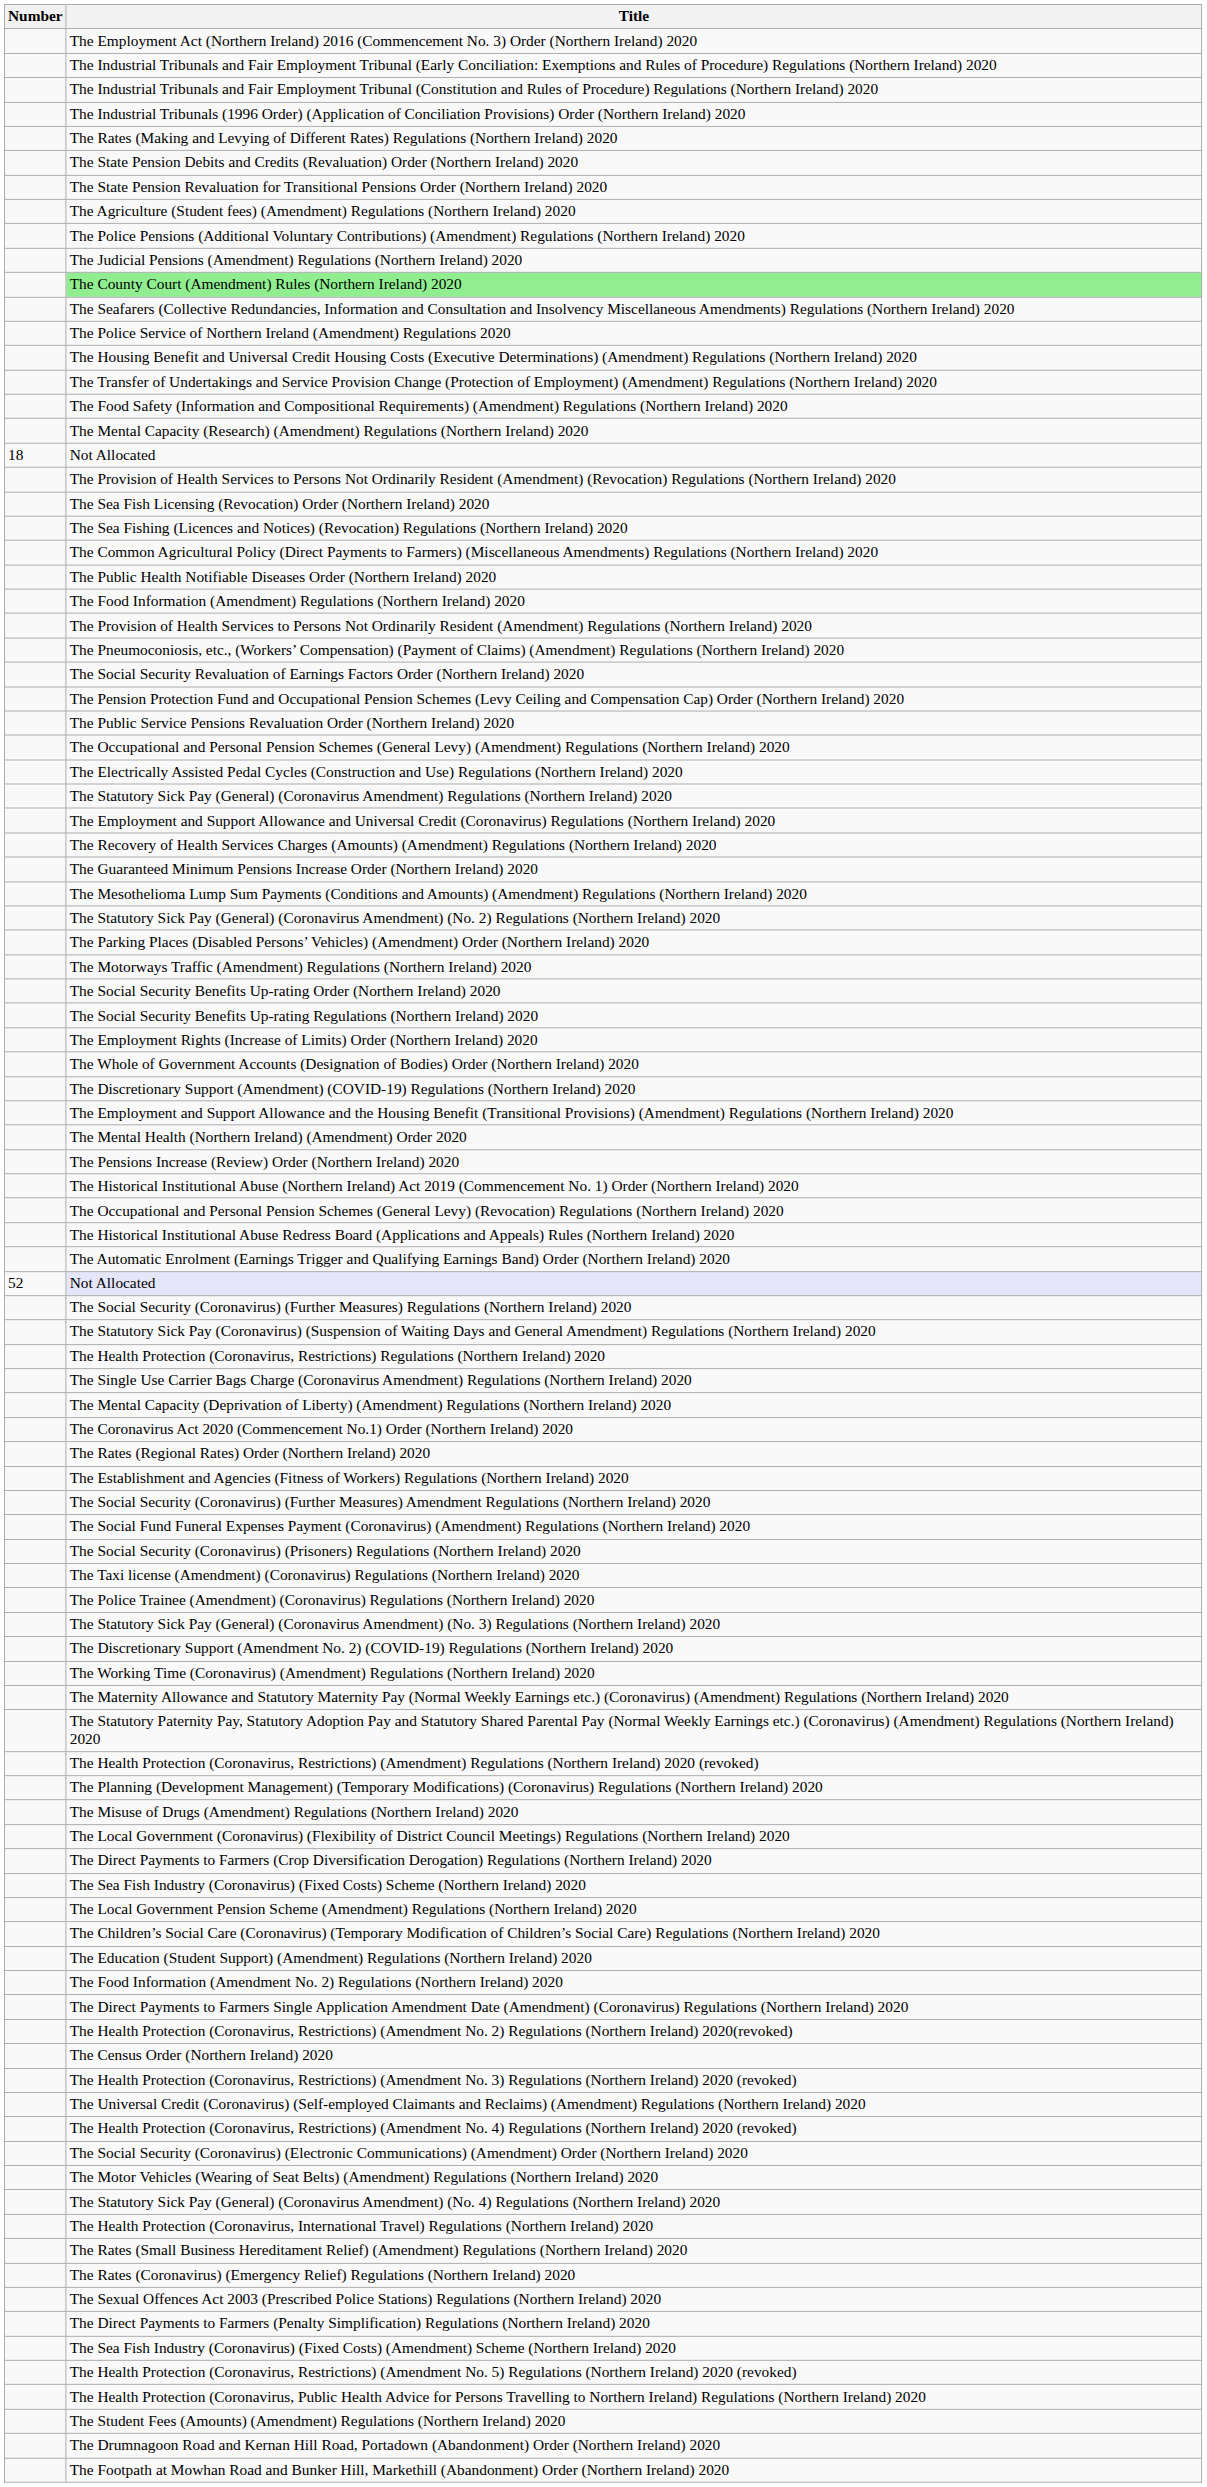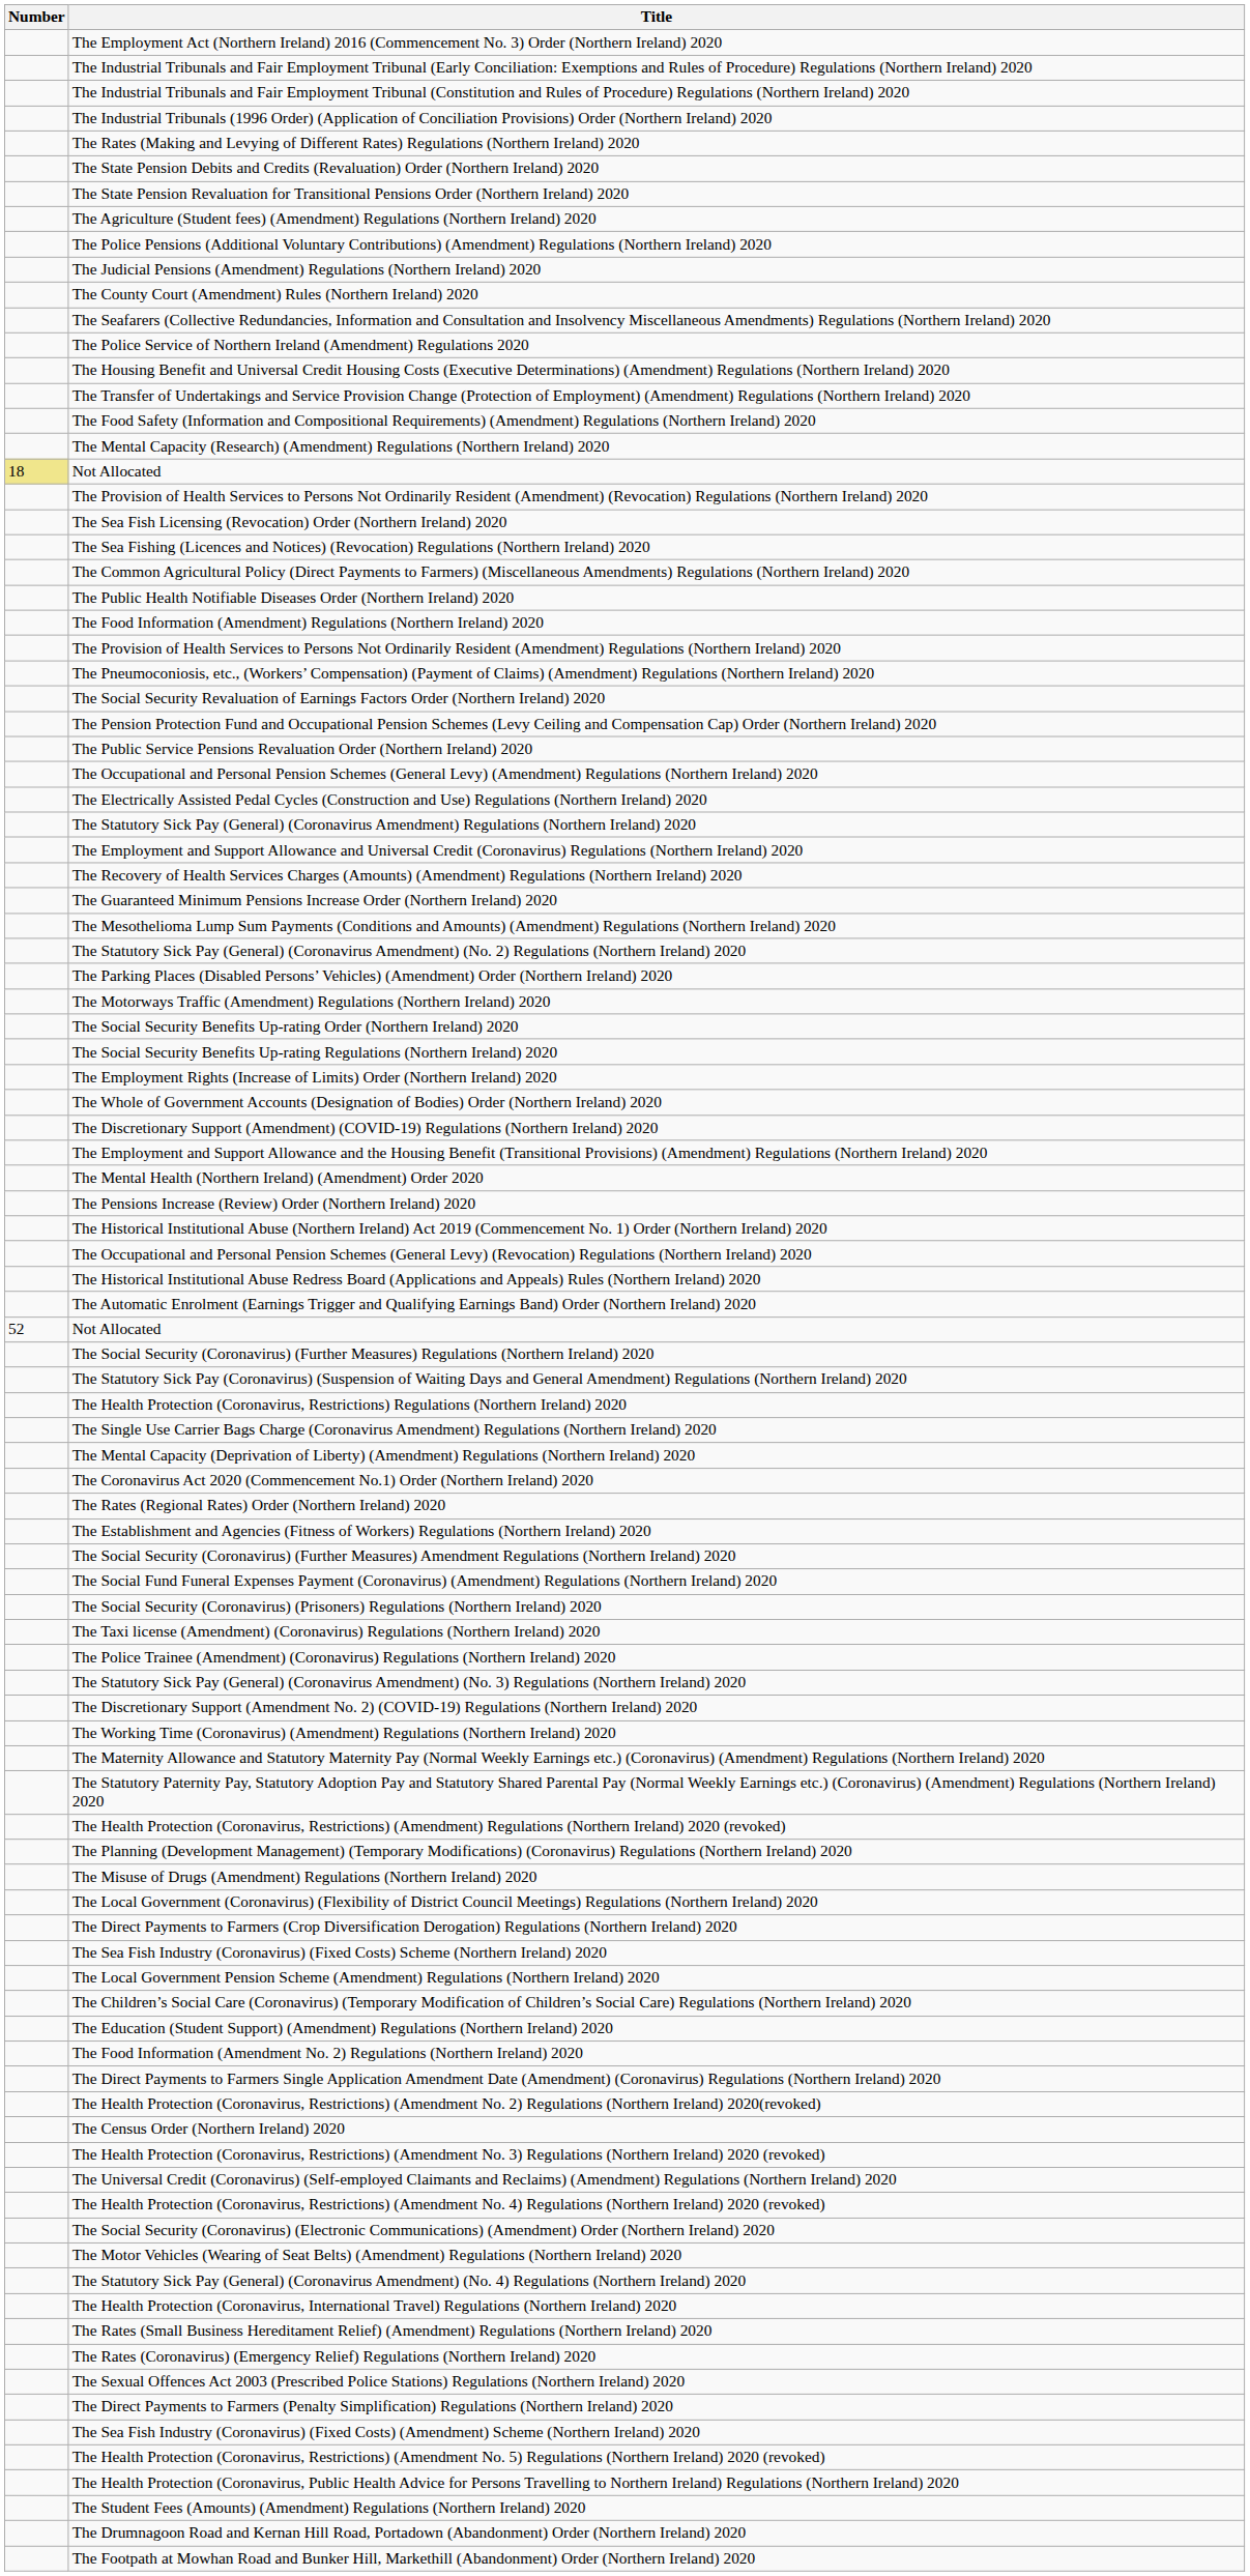 <table class="wikitable collapsible">
 <tr>
 <th>Number</th>
 <th>Title</th>
 </tr>
 <tr>
 <td></td>
 <td>The Employment Act (Northern Ireland) 2016 (Commencement No. 3) Order (Northern Ireland) 2020</td>
 </tr>
 <tr>
 <td></td>
 <td>The Industrial Tribunals and Fair Employment Tribunal (Early Conciliation: Exemptions and Rules of Procedure) Regulations (Northern Ireland) 2020</td>
 </tr>
 <tr>
 <td></td>
 <td>The Industrial Tribunals and Fair Employment Tribunal (Constitution and Rules of Procedure) Regulations (Northern Ireland) 2020</td>
 </tr>
 <tr>
 <td></td>
 <td>The Industrial Tribunals (1996 Order) (Application of Conciliation Provisions) Order (Northern Ireland) 2020</td>
 </tr>
 <tr>
 <td></td>
 <td>The Rates (Making and Levying of Different Rates) Regulations (Northern Ireland) 2020</td>
 </tr>
 <tr>
 <td></td>
 <td>The State Pension Debits and Credits (Revaluation) Order (Northern Ireland) 2020</td>
 </tr>
 <tr>
 <td></td>
 <td>The State Pension Revaluation for Transitional Pensions Order (Northern Ireland) 2020</td>
 </tr>
 <tr>
 <td></td>
 <td>The Agriculture (Student fees) (Amendment) Regulations (Northern Ireland) 2020</td>
 </tr>
 <tr>
 <td></td>
 <td>The Police Pensions (Additional Voluntary Contributions) (Amendment) Regulations (Northern Ireland) 2020</td>
 </tr>
 <tr>
 <td></td>
 <td>The Judicial Pensions (Amendment) Regulations (Northern Ireland) 2020</td>
 </tr>
 <tr>
 <td></td>
-<td style="background: lightgreen;">The County Court (Amendment) Rules (Northern Ireland) 2020</td>
+<td>The County Court (Amendment) Rules (Northern Ireland) 2020</td>
 </tr>
 <tr>
 <td></td>
 <td>The Seafarers (Collective Redundancies, Information and Consultation and Insolvency Miscellaneous Amendments) Regulations (Northern Ireland) 2020</td>
 </tr>
 <tr>
 <td></td>
 <td>The Police Service of Northern Ireland (Amendment) Regulations 2020</td>
 </tr>
 <tr>
 <td></td>
 <td>The Housing Benefit and Universal Credit Housing Costs (Executive Determinations) (Amendment) Regulations (Northern Ireland) 2020</td>
 </tr>
 <tr>
 <td></td>
 <td>The Transfer of Undertakings and Service Provision Change (Protection of Employment) (Amendment) Regulations (Northern Ireland) 2020</td>
 </tr>
 <tr>
 <td></td>
 <td>The Food Safety (Information and Compositional Requirements) (Amendment) Regulations (Northern Ireland) 2020</td>
 </tr>
 <tr>
 <td></td>
 <td>The Mental Capacity (Research) (Amendment) Regulations (Northern Ireland) 2020</td>
 </tr>
 <tr>
-<td>18</td>
+<td style="background: khaki;">18</td>
 <td>Not Allocated</td>
 </tr>
 <tr>
 <td></td>
 <td>The Provision of Health Services to Persons Not Ordinarily Resident (Amendment) (Revocation) Regulations (Northern Ireland) 2020</td>
 </tr>
 <tr>
 <td></td>
 <td>The Sea Fish Licensing (Revocation) Order (Northern Ireland) 2020</td>
 </tr>
 <tr>
 <td></td>
 <td>The Sea Fishing (Licences and Notices) (Revocation) Regulations (Northern Ireland) 2020</td>
 </tr>
 <tr>
 <td></td>
 <td>The Common Agricultural Policy (Direct Payments to Farmers) (Miscellaneous Amendments) Regulations (Northern Ireland) 2020</td>
 </tr>
 <tr>
 <td></td>
 <td>The Public Health Notifiable Diseases Order (Northern Ireland) 2020</td>
 </tr>
 <tr>
 <td></td>
 <td>The Food Information (Amendment) Regulations (Northern Ireland) 2020</td>
 </tr>
 <tr>
 <td></td>
 <td>The Provision of Health Services to Persons Not Ordinarily Resident (Amendment) Regulations (Northern Ireland) 2020</td>
 </tr>
 <tr>
 <td></td>
 <td>The Pneumoconiosis, etc., (Workers’ Compensation) (Payment of Claims) (Amendment) Regulations (Northern Ireland) 2020</td>
 </tr>
 <tr>
 <td></td>
 <td>The Social Security Revaluation of Earnings Factors Order (Northern Ireland) 2020</td>
 </tr>
 <tr>
 <td></td>
 <td>The Pension Protection Fund and Occupational Pension Schemes (Levy Ceiling and Compensation Cap) Order (Northern Ireland) 2020</td>
 </tr>
 <tr>
 <td></td>
 <td>The Public Service Pensions Revaluation Order (Northern Ireland) 2020</td>
 </tr>
 <tr>
 <td></td>
 <td>The Occupational and Personal Pension Schemes (General Levy) (Amendment) Regulations (Northern Ireland) 2020</td>
 </tr>
 <tr>
 <td></td>
 <td>The Electrically Assisted Pedal Cycles (Construction and Use) Regulations (Northern Ireland) 2020</td>
 </tr>
 <tr>
 <td></td>
 <td>The Statutory Sick Pay (General) (Coronavirus Amendment) Regulations (Northern Ireland) 2020</td>
 </tr>
 <tr>
 <td></td>
 <td>The Employment and Support Allowance and Universal Credit (Coronavirus) Regulations (Northern Ireland) 2020</td>
 </tr>
 <tr>
 <td></td>
 <td>The Recovery of Health Services Charges (Amounts) (Amendment) Regulations (Northern Ireland) 2020</td>
 </tr>
 <tr>
 <td></td>
 <td>The Guaranteed Minimum Pensions Increase Order (Northern Ireland) 2020</td>
 </tr>
 <tr>
 <td></td>
 <td>The Mesothelioma Lump Sum Payments (Conditions and Amounts) (Amendment) Regulations (Northern Ireland) 2020</td>
 </tr>
 <tr>
 <td></td>
 <td>The Statutory Sick Pay (General) (Coronavirus Amendment) (No. 2) Regulations (Northern Ireland) 2020</td>
 </tr>
 <tr>
 <td></td>
 <td>The Parking Places (Disabled Persons’ Vehicles) (Amendment) Order (Northern Ireland) 2020</td>
 </tr>
 <tr>
 <td></td>
 <td>The Motorways Traffic (Amendment) Regulations (Northern Ireland) 2020</td>
 </tr>
 <tr>
 <td></td>
 <td>The Social Security Benefits Up-rating Order (Northern Ireland) 2020</td>
 </tr>
 <tr>
 <td></td>
 <td>The Social Security Benefits Up-rating Regulations (Northern Ireland) 2020</td>
 </tr>
 <tr>
 <td></td>
 <td>The Employment Rights (Increase of Limits) Order (Northern Ireland) 2020</td>
 </tr>
 <tr>
 <td></td>
 <td>The Whole of Government Accounts (Designation of Bodies) Order (Northern Ireland) 2020</td>
 </tr>
 <tr>
 <td></td>
 <td>The Discretionary Support (Amendment) (COVID-19) Regulations (Northern Ireland) 2020</td>
 </tr>
 <tr>
 <td></td>
 <td>The Employment and Support Allowance and the Housing Benefit (Transitional Provisions) (Amendment) Regulations (Northern Ireland) 2020</td>
 </tr>
 <tr>
 <td></td>
 <td>The Mental Health (Northern Ireland) (Amendment) Order 2020</td>
 </tr>
 <tr>
 <td></td>
 <td>The Pensions Increase (Review) Order (Northern Ireland) 2020</td>
 </tr>
 <tr>
 <td></td>
 <td>The Historical Institutional Abuse (Northern Ireland) Act 2019 (Commencement No. 1) Order (Northern Ireland) 2020</td>
 </tr>
 <tr>
 <td></td>
 <td>The Occupational and Personal Pension Schemes (General Levy) (Revocation) Regulations (Northern Ireland) 2020</td>
 </tr>
 <tr>
 <td></td>
 <td>The Historical Institutional Abuse Redress Board (Applications and Appeals) Rules (Northern Ireland) 2020</td>
 </tr>
 <tr>
 <td></td>
 <td>The Automatic Enrolment (Earnings Trigger and Qualifying Earnings Band) Order (Northern Ireland) 2020</td>
 </tr>
 <tr>
 <td>52</td>
-<td style="background: lavender;">Not Allocated</td>
+<td>Not Allocated</td>
 </tr>
 <tr>
 <td></td>
 <td>The Social Security (Coronavirus) (Further Measures) Regulations (Northern Ireland) 2020</td>
 </tr>
 <tr>
 <td></td>
 <td>The Statutory Sick Pay (Coronavirus) (Suspension of Waiting Days and General Amendment) Regulations (Northern Ireland) 2020</td>
 </tr>
 <tr>
 <td></td>
 <td>The Health Protection (Coronavirus, Restrictions) Regulations (Northern Ireland) 2020</td>
 </tr>
 <tr>
 <td></td>
 <td>The Single Use Carrier Bags Charge (Coronavirus Amendment) Regulations (Northern Ireland) 2020</td>
 </tr>
 <tr>
 <td></td>
 <td>The Mental Capacity (Deprivation of Liberty) (Amendment) Regulations (Northern Ireland) 2020</td>
 </tr>
 <tr>
 <td></td>
 <td>The Coronavirus Act 2020 (Commencement No.1) Order (Northern Ireland) 2020</td>
 </tr>
 <tr>
 <td></td>
 <td>The Rates (Regional Rates) Order (Northern Ireland) 2020</td>
 </tr>
 <tr>
 <td></td>
 <td>The Establishment and Agencies (Fitness of Workers) Regulations (Northern Ireland) 2020</td>
 </tr>
 <tr>
 <td></td>
 <td>The Social Security (Coronavirus) (Further Measures) Amendment Regulations (Northern Ireland) 2020</td>
 </tr>
 <tr>
 <td></td>
 <td>The Social Fund Funeral Expenses Payment (Coronavirus) (Amendment) Regulations (Northern Ireland) 2020</td>
 </tr>
 <tr>
 <td></td>
 <td>The Social Security (Coronavirus) (Prisoners) Regulations (Northern Ireland) 2020</td>
 </tr>
 <tr>
 <td></td>
 <td>The Taxi license (Amendment) (Coronavirus) Regulations (Northern Ireland) 2020</td>
 </tr>
 <tr>
 <td></td>
 <td>The Police Trainee (Amendment) (Coronavirus) Regulations (Northern Ireland) 2020</td>
 </tr>
 <tr>
 <td></td>
 <td>The Statutory Sick Pay (General) (Coronavirus Amendment) (No. 3) Regulations (Northern Ireland) 2020</td>
 </tr>
 <tr>
 <td></td>
 <td>The Discretionary Support (Amendment No. 2) (COVID-19) Regulations (Northern Ireland) 2020</td>
 </tr>
 <tr>
 <td></td>
 <td>The Working Time (Coronavirus) (Amendment) Regulations (Northern Ireland) 2020</td>
 </tr>
 <tr>
 <td></td>
 <td>The Maternity Allowance and Statutory Maternity Pay (Normal Weekly Earnings etc.) (Coronavirus) (Amendment) Regulations (Northern Ireland) 2020</td>
 </tr>
 <tr>
 <td></td>
 <td>The Statutory Paternity Pay, Statutory Adoption Pay and Statutory Shared Parental Pay (Normal Weekly Earnings etc.) (Coronavirus) (Amendment) Regulations (Northern Ireland) 2020</td>
 </tr>
 <tr>
 <td></td>
 <td>The Health Protection (Coronavirus, Restrictions) (Amendment) Regulations (Northern Ireland) 2020 (revoked)</td>
 </tr>
 <tr>
 <td></td>
 <td>The Planning (Development Management) (Temporary Modifications) (Coronavirus) Regulations (Northern Ireland) 2020</td>
 </tr>
 <tr>
 <td></td>
 <td>The Misuse of Drugs (Amendment) Regulations (Northern Ireland) 2020</td>
 </tr>
 <tr>
 <td></td>
 <td>The Local Government (Coronavirus) (Flexibility of District Council Meetings) Regulations (Northern Ireland) 2020</td>
 </tr>
 <tr>
 <td></td>
 <td>The Direct Payments to Farmers (Crop Diversification Derogation) Regulations (Northern Ireland) 2020</td>
 </tr>
 <tr>
 <td></td>
 <td>The Sea Fish Industry (Coronavirus) (Fixed Costs) Scheme (Northern Ireland) 2020</td>
 </tr>
 <tr>
 <td></td>
 <td>The Local Government Pension Scheme (Amendment) Regulations (Northern Ireland) 2020</td>
 </tr>
 <tr>
 <td></td>
 <td>The Children’s Social Care (Coronavirus) (Temporary Modification of Children’s Social Care) Regulations (Northern Ireland) 2020</td>
 </tr>
 <tr>
 <td></td>
 <td>The Education (Student Support) (Amendment) Regulations (Northern Ireland) 2020</td>
 </tr>
 <tr>
 <td></td>
 <td>The Food Information (Amendment No. 2) Regulations (Northern Ireland) 2020</td>
 </tr>
 <tr>
 <td></td>
 <td>The Direct Payments to Farmers Single Application Amendment Date (Amendment) (Coronavirus) Regulations (Northern Ireland) 2020</td>
 </tr>
 <tr>
 <td></td>
 <td>The Health Protection (Coronavirus, Restrictions) (Amendment No. 2) Regulations (Northern Ireland) 2020(revoked)</td>
 </tr>
 <tr>
 <td></td>
 <td>The Census Order (Northern Ireland) 2020</td>
 </tr>
 <tr>
 <td></td>
 <td>The Health Protection (Coronavirus, Restrictions) (Amendment No. 3) Regulations (Northern Ireland) 2020 (revoked)</td>
 </tr>
 <tr>
 <td></td>
 <td>The Universal Credit (Coronavirus) (Self-employed Claimants and Reclaims) (Amendment) Regulations (Northern Ireland) 2020</td>
 </tr>
 <tr>
 <td></td>
 <td>The Health Protection (Coronavirus, Restrictions) (Amendment No. 4) Regulations (Northern Ireland) 2020 (revoked)</td>
 </tr>
 <tr>
 <td></td>
 <td>The Social Security (Coronavirus) (Electronic Communications) (Amendment) Order (Northern Ireland) 2020</td>
 </tr>
 <tr>
 <td></td>
 <td>The Motor Vehicles (Wearing of Seat Belts) (Amendment) Regulations (Northern Ireland) 2020</td>
 </tr>
 <tr>
 <td></td>
 <td>The Statutory Sick Pay (General) (Coronavirus Amendment) (No. 4) Regulations (Northern Ireland) 2020</td>
 </tr>
 <tr>
 <td></td>
 <td>The Health Protection (Coronavirus, International Travel) Regulations (Northern Ireland) 2020</td>
 </tr>
 <tr>
 <td></td>
 <td>The Rates (Small Business Hereditament Relief) (Amendment) Regulations (Northern Ireland) 2020</td>
 </tr>
 <tr>
 <td></td>
 <td>The Rates (Coronavirus) (Emergency Relief) Regulations (Northern Ireland) 2020</td>
 </tr>
 <tr>
 <td></td>
 <td>The Sexual Offences Act 2003 (Prescribed Police Stations) Regulations (Northern Ireland) 2020</td>
 </tr>
 <tr>
 <td></td>
 <td>The Direct Payments to Farmers (Penalty Simplification) Regulations (Northern Ireland) 2020</td>
 </tr>
 <tr>
 <td></td>
 <td>The Sea Fish Industry (Coronavirus) (Fixed Costs) (Amendment) Scheme (Northern Ireland) 2020</td>
 </tr>
 <tr>
 <td></td>
 <td>The Health Protection (Coronavirus, Restrictions) (Amendment No. 5) Regulations (Northern Ireland) 2020 (revoked)</td>
 </tr>
 <tr>
 <td></td>
 <td>The Health Protection (Coronavirus, Public Health Advice for Persons Travelling to Northern Ireland) Regulations (Northern Ireland) 2020</td>
 </tr>
 <tr>
 <td></td>
 <td>The Student Fees (Amounts) (Amendment) Regulations (Northern Ireland) 2020</td>
 </tr>
 <tr>
 <td></td>
 <td>The Drumnagoon Road and Kernan Hill Road, Portadown (Abandonment) Order (Northern Ireland) 2020</td>
 </tr>
 <tr>
 <td></td>
 <td>The Footpath at Mowhan Road and Bunker Hill, Markethill (Abandonment) Order (Northern Ireland) 2020</td>
 </tr>
 </table>
